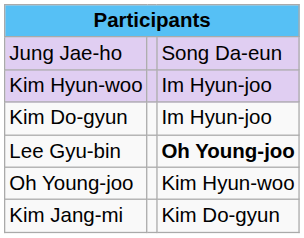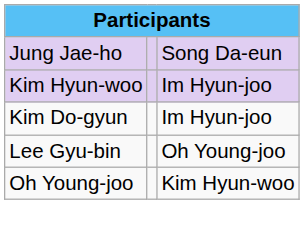 <table class="wikitable sortable" style="line-color:none">
 <tr style="background:#56c0f5; font-weight:bold; text-align:center">
 <td colspan="3">Participants</td>
 </tr>
 <tr style="background:#E0CEF2;">
 <td>Jung Jae-ho</td>
 <td></td>
 <td>Song Da-eun</td>
 </tr>
 <tr style="background:#E0CEF2;">
 <td>Kim Hyun-woo</td>
 <td></td>
 <td>Im Hyun-joo</td>
 </tr>
 <tr>
 <td>Kim Do-gyun</td>
 <td></td>
 <td>Im Hyun-joo</td>
 </tr>
 <tr>
 <td>Lee Gyu-bin</td>
 <td></td>
-<td><strong>Oh Young-joo</strong></td>
+<td>Oh Young-joo</td>
 </tr>
 <tr>
 <td>Oh Young-joo</td>
 <td></td>
 <td>Kim Hyun-woo</td>
 </tr>
-<tr>
-<td>Kim Jang-mi</td>
-<td></td>
-<td>Kim Do-gyun</td>
-</tr>
 </table>
